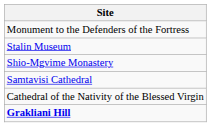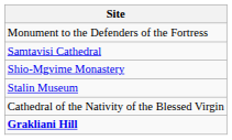 <table class="wikitable">
 <tr>
 <th>Site</th>
 </tr>
 <tr>
 <td>Monument to the Defenders of the Fortress</td>
 </tr>
 <tr>
-<td><a href='#'>Stalin Museum</a></td>
+<td><a href='#'>Samtavisi Cathedral</a></td>
 </tr>
 <tr>
 <td><a href='#'>Shio-Mgvime Monastery</a></td>
 </tr>
 <tr>
-<td><a href='#'>Samtavisi Cathedral</a></td>
+<td><a href='#'>Stalin Museum</a></td>
 </tr>
 <tr>
 <td>Cathedral of the Nativity of the Blessed Virgin</td>
 </tr>
 <tr>
 <td><strong><a href='#'>Grakliani Hill</a></strong></td>
 </tr>
 </table>
